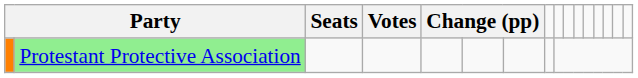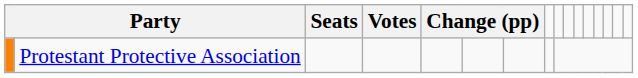 <table class="wikitable" style="text-align:right;">
 <tr>
 <th colspan="2">Party</th>
 <th>Seats</th>
 <th>Votes</th>
 <th colspan="3">Change (pp)<br></th>
 <td></td>
 <td></td>
 <td><br></td>
 <td></td>
 <td></td>
 <td><br></td>
 <td></td>
 <td></td>
 <td></td>
 </tr>
 <tr>
 <td style="background-color:#FF8000;"></td>
-<td style="background: lightgreen; text-align:left;"><a href='#'>Protestant Protective Association</a></td>
+<td style="text-align:left;"><a href='#'>Protestant Protective Association</a></td>
 <td></td>
 <td></td>
 <td><br></td>
 <td></td>
 <td></td>
 <td></td>
 </tr>
 </table>
